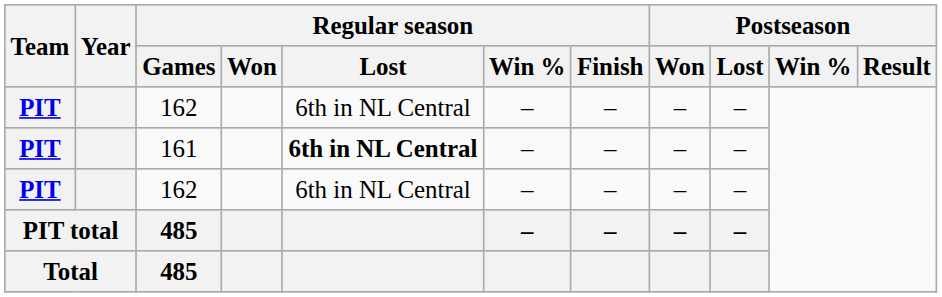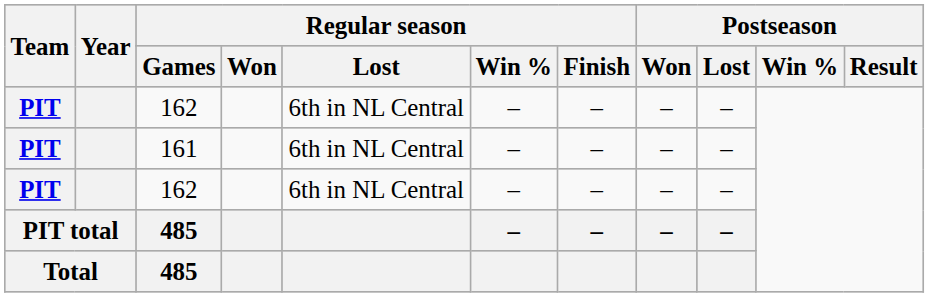 <table class="wikitable" style="font-size: 95%; text-align:center;">
 <tr>
 <th rowspan="2">Team</th>
 <th rowspan="2">Year</th>
 <th colspan="5">Regular season</th>
 <th colspan="4">Postseason</th>
 </tr>
 <tr>
 <th>Games</th>
 <th>Won</th>
 <th>Lost</th>
 <th>Win %</th>
 <th>Finish</th>
 <th>Won</th>
 <th>Lost</th>
 <th>Win %</th>
 <th>Result</th>
 </tr>
 <tr>
 <th><a href='#'>PIT</a></th>
 <th></th>
 <td>162</td>
 <td></td>
 <td>6th in NL Central</td>
 <td>–</td>
 <td>–</td>
 <td>–</td>
 <td>–</td>
 </tr>
 <tr>
 <th><a href='#'>PIT</a></th>
 <th></th>
 <td>161</td>
 <td></td>
-<td><strong>6th in NL Central</strong></td>
+<td>6th in NL Central</td>
 <td>–</td>
 <td>–</td>
 <td>–</td>
 <td>–</td>
 </tr>
 <tr>
 <th><a href='#'>PIT</a></th>
 <th></th>
 <td>162</td>
 <td></td>
 <td>6th in NL Central</td>
 <td>–</td>
 <td>–</td>
 <td>–</td>
 <td>–</td>
 </tr>
 <tr>
 <th colspan="2">PIT total</th>
 <th>485</th>
 <th></th>
 <th></th>
 <th>–</th>
 <th>–</th>
 <th>–</th>
 <th>–</th>
 </tr>
 <tr>
 <th colspan="2">Total</th>
 <th>485</th>
 <th></th>
 <th></th>
 <th></th>
 <th></th>
 <th></th>
 <th></th>
 </tr>
 </table>
